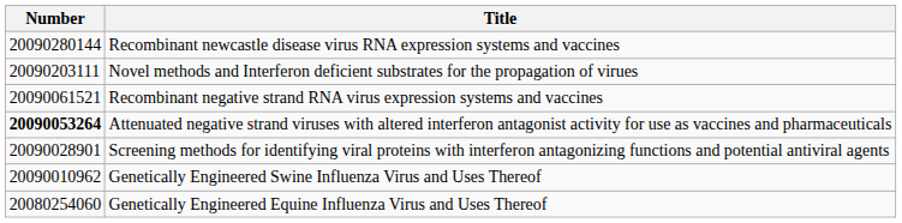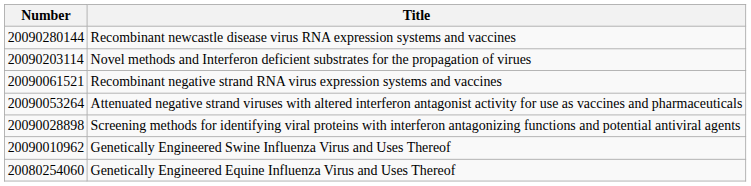 <table class="wikitable">
 <tr>
 <th>Number</th>
 <th>Title</th>
 </tr>
 <tr>
 <td>20090280144</td>
 <td>Recombinant newcastle disease virus RNA expression systems and vaccines</td>
 </tr>
 <tr>
-<td>20090203111</td>
+<td>20090203114</td>
 <td>Novel methods and Interferon deficient substrates for the propagation of virues</td>
 </tr>
 <tr>
 <td>20090061521</td>
 <td>Recombinant negative strand RNA virus expression systems and vaccines</td>
 </tr>
 <tr>
-<td><strong>20090053264</strong></td>
+<td>20090053264</td>
 <td>Attenuated negative strand viruses with altered interferon antagonist activity for use as vaccines and pharmaceuticals</td>
 </tr>
 <tr>
-<td>20090028901</td>
+<td>20090028898</td>
 <td>Screening methods for identifying viral proteins with interferon antagonizing functions and potential antiviral agents</td>
 </tr>
 <tr>
 <td>20090010962</td>
 <td>Genetically Engineered Swine Influenza Virus and Uses Thereof</td>
 </tr>
 <tr>
 <td>20080254060</td>
 <td>Genetically Engineered Equine Influenza Virus and Uses Thereof</td>
 </tr>
 </table>
